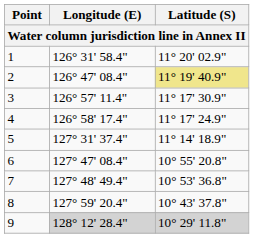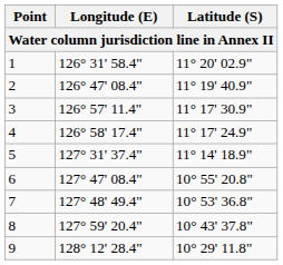 <table class="wikitable">
 <tr>
 <th>Point</th>
 <th>Longitude (E)</th>
 <th>Latitude (S)</th>
 </tr>
 <tr>
 <th colspan="3" style="text-align:left">Water column jurisdiction line in Annex II</th>
 </tr>
 <tr>
 <td>1</td>
 <td>126° 31' 58.4"</td>
 <td>11° 20' 02.9"</td>
 </tr>
 <tr>
 <td>2</td>
 <td>126° 47' 08.4"</td>
-<td style="background: khaki;">11° 19' 40.9"</td>
+<td>11° 19' 40.9"</td>
 </tr>
 <tr>
 <td>3</td>
 <td>126° 57' 11.4"</td>
 <td>11° 17' 30.9"</td>
 </tr>
 <tr>
 <td>4</td>
 <td>126° 58' 17.4"</td>
 <td>11° 17' 24.9"</td>
 </tr>
 <tr>
 <td>5</td>
 <td>127° 31' 37.4"</td>
 <td>11° 14' 18.9"</td>
 </tr>
 <tr>
 <td>6</td>
 <td>127° 47' 08.4"</td>
 <td>10° 55' 20.8"</td>
 </tr>
 <tr>
 <td>7</td>
 <td>127° 48' 49.4"</td>
 <td>10° 53' 36.8"</td>
 </tr>
 <tr>
 <td>8</td>
 <td>127° 59' 20.4"</td>
 <td>10° 43' 37.8"</td>
 </tr>
 <tr>
 <td>9</td>
-<td style="background: lightgrey;">128° 12' 28.4"</td>
-<td style="background: lightgrey;">10° 29' 11.8"</td>
+<td>128° 12' 28.4"</td>
+<td>10° 29' 11.8"</td>
 </tr>
 </table>
